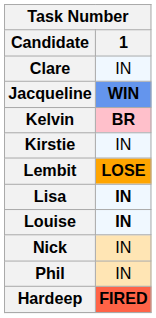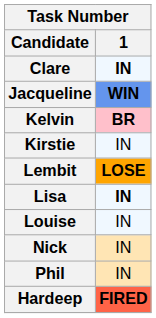 <table class="wikitable" style="text-align:center">
 <tr>
 <th colspan="14">Task Number</th>
 </tr>
 <tr>
 <th>Candidate</th>
 <th>1</th>
 </tr>
 <tr>
 <th>Clare</th>
-<td bgcolor="#F0F8FF">IN</td>
+<td bgcolor="#F0F8FF"><strong>IN</strong></td>
 </tr>
 <tr>
 <th>Jacqueline</th>
 <td bgcolor="cornflowerblue"><strong>WIN</strong></td>
 </tr>
 <tr>
 <th>Kelvin</th>
 <td bgcolor="pink"><strong>BR</strong></td>
 </tr>
 <tr>
 <th>Kirstie</th>
 <td bgcolor="#F0F8FF">IN</td>
 </tr>
 <tr>
 <th>Lembit</th>
 <td bgcolor="orange"><strong>LOSE</strong></td>
 </tr>
 <tr>
 <th>Lisa</th>
 <td bgcolor="#F0F8FF"><strong>IN</strong></td>
 </tr>
 <tr>
 <th>Louise</th>
-<td bgcolor="#F0F8FF"><strong>IN</strong></td>
+<td bgcolor="#F0F8FF">IN</td>
 </tr>
 <tr>
 <th>Nick</th>
 <td bgcolor="#FFE5B4">IN</td>
 </tr>
 <tr>
 <th>Phil</th>
 <td bgcolor="#FFE5B4">IN</td>
 </tr>
 <tr>
 <th>Hardeep</th>
 <td bgcolor="tomato"><strong>FIRED</strong></td>
 </tr>
 <tr>
 </tr>
 </table>
